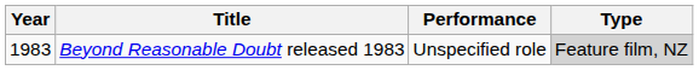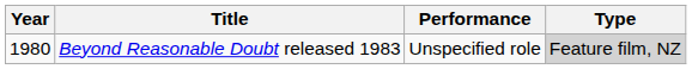 <table class="wikitable">
 <tr>
 <th>Year</th>
 <th>Title</th>
 <th>Performance</th>
 <th>Type</th>
 </tr>
 <tr>
-<td>1983</td>
+<td>1980</td>
 <td><em><a href='#'>Beyond Reasonable Doubt</a></em> released 1983</td>
 <td>Unspecified role</td>
 <td style="background: lightgrey;">Feature film, NZ</td>
 </tr>
 </table>
